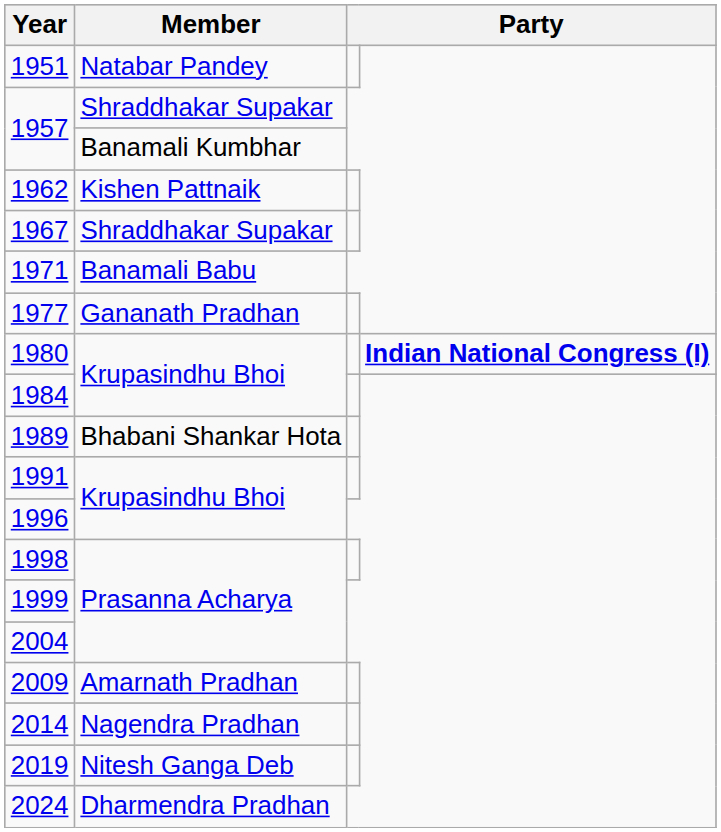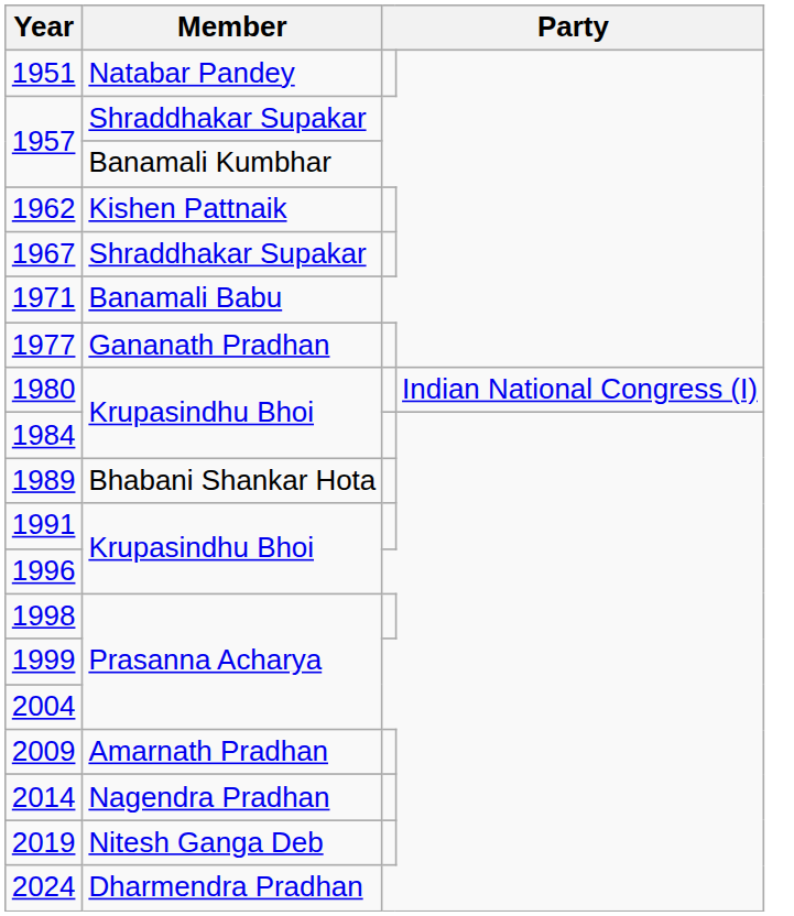 <table class="wikitable">
 <tr>
 <th>Year</th>
 <th>Member</th>
 <th colspan="2">Party</th>
 </tr>
 <tr>
 <td><a href='#'>1951</a></td>
 <td><a href='#'>Natabar Pandey</a></td>
 <td></td>
 </tr>
 <tr>
 <td rowspan=2><a href='#'>1957</a></td>
 <td><a href='#'>Shraddhakar Supakar</a></td>
 </tr>
 <tr>
 <td>Banamali Kumbhar</td>
 </tr>
 <tr>
 <td><a href='#'>1962</a></td>
 <td><a href='#'>Kishen Pattnaik</a></td>
 <td></td>
 </tr>
 <tr>
 <td><a href='#'>1967</a></td>
 <td><a href='#'>Shraddhakar Supakar</a></td>
 <td></td>
 </tr>
 <tr>
 <td><a href='#'>1971</a></td>
 <td><a href='#'>Banamali Babu</a></td>
 </tr>
 <tr>
 <td><a href='#'>1977</a></td>
 <td><a href='#'>Gananath Pradhan</a></td>
 <td></td>
 </tr>
 <tr>
 <td><a href='#'>1980</a></td>
 <td rowspan="2"><a href='#'>Krupasindhu Bhoi</a></td>
 <td style="background-color: "></td>
-<td><strong><a href='#'>Indian National Congress (I)</a></strong></td>
+<td><a href='#'>Indian National Congress (I)</a></td>
 </tr>
 <tr>
 <td><a href='#'>1984</a></td>
 <td></td>
 </tr>
 <tr>
 <td><a href='#'>1989</a></td>
 <td>Bhabani Shankar Hota</td>
 <td></td>
 </tr>
 <tr>
 <td><a href='#'>1991</a></td>
 <td rowspan="2"><a href='#'>Krupasindhu Bhoi</a></td>
 <td></td>
 </tr>
 <tr>
 <td><a href='#'>1996</a></td>
 </tr>
 <tr>
 <td><a href='#'>1998</a></td>
 <td rowspan="3"><a href='#'>Prasanna Acharya</a></td>
 <td></td>
 </tr>
 <tr>
 <td><a href='#'>1999</a></td>
 </tr>
 <tr>
 <td><a href='#'>2004</a></td>
 </tr>
 <tr>
 <td><a href='#'>2009</a></td>
 <td><a href='#'>Amarnath Pradhan</a></td>
 <td></td>
 </tr>
 <tr>
 <td><a href='#'>2014</a></td>
 <td><a href='#'>Nagendra Pradhan</a></td>
 <td></td>
 </tr>
 <tr>
 <td><a href='#'>2019</a></td>
 <td><a href='#'>Nitesh Ganga Deb</a></td>
 <td></td>
 </tr>
 <tr>
 <td><a href='#'>2024</a></td>
 <td><a href='#'>Dharmendra Pradhan</a></td>
 </tr>
 </table>
